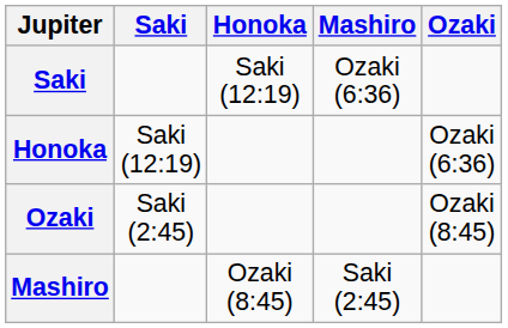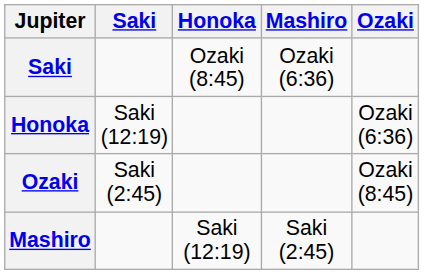 <table class="wikitable" style="text-align:center; margin: 1em auto 1em auto">
 <tr>
 <th>Jupiter</th>
 <th><a href='#'>Saki</a></th>
 <th><a href='#'>Honoka</a></th>
 <th><a href='#'>Mashiro</a></th>
 <th><a href='#'>Ozaki</a></th>
 </tr>
 <tr>
 <th><a href='#'>Saki</a></th>
 <td></td>
-<td>Saki<br>(12:19)</td>
+<td>Ozaki<br>(8:45)</td>
 <td>Ozaki<br>(6:36)</td>
 <td></td>
 </tr>
 <tr>
 <th><a href='#'>Honoka</a></th>
 <td>Saki<br>(12:19)</td>
 <td></td>
 <td></td>
 <td>Ozaki<br>(6:36)</td>
 </tr>
 <tr>
 <th><a href='#'>Ozaki</a></th>
 <td>Saki<br>(2:45)</td>
 <td></td>
 <td></td>
 <td>Ozaki<br>(8:45)</td>
 </tr>
 <tr>
 <th><a href='#'>Mashiro</a></th>
 <td></td>
-<td>Ozaki<br>(8:45)</td>
+<td>Saki<br>(12:19)</td>
 <td>Saki<br>(2:45)</td>
 <td></td>
 </tr>
 </table>
